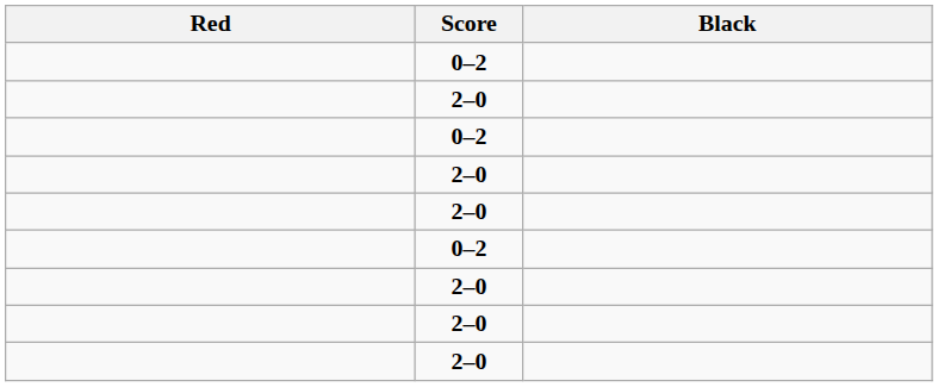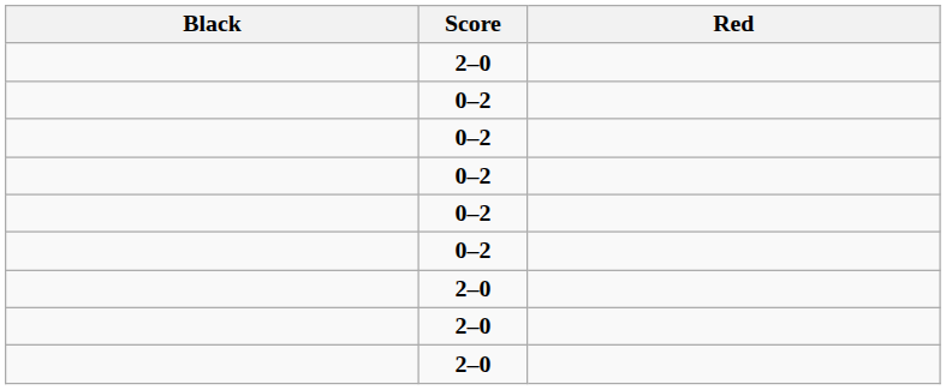 <table class="wikitable" style="text-align: center;">
 <tr>
+<th align="left" width="270">Black</th>
+<th width="65">Score</th>
 <th align="right" width="270">Red</th>
-<th width="65">Score</th>
-<th align="left" width="270">Black</th>
+</tr>
+<tr>
+<td align=left></td>
+<td align=center><strong>2–0</strong></td>
+<td align=left><strong></strong></td>
+</tr>
+<tr>
+<td align=left></td>
+<td align=center><strong>0–2</strong></td>
+<td align=left><strong></strong></td>
 </tr>
 <tr>
 <td align=left><strong></strong></td>
 <td align=center><strong>0–2</strong></td>
 <td align=left></td>
 </tr>
 <tr>
 <td align=left><strong></strong></td>
-<td align=center><strong>2–0</strong></td>
+<td align=center><strong>0–2</strong></td>
 <td align=left></td>
 </tr>
 <tr>
+<td align=left><strong></strong></td>
+<td align=center><strong>0–2</strong></td>
 <td align=left></td>
+</tr>
+<tr>
+<td align=left><strong></strong></td>
 <td align=center><strong>0–2</strong></td>
-<td align=left><strong></strong></td>
+<td align=left></td>
 </tr>
 <tr>
 <td align=left></td>
 <td align=center><strong>2–0</strong></td>
 <td align=left><strong></strong></td>
 </tr>
 <tr>
 <td align=left></td>
 <td align=center><strong>2–0</strong></td>
 <td align=left><strong></strong></td>
 </tr>
 <tr>
 <td align=left></td>
-<td align=center><strong>0–2</strong></td>
+<td align=center><strong>2–0</strong></td>
 <td align=left><strong></strong></td>
 </tr>
-<tr>
-<td align=left><strong></strong></td>
-<td align=center><strong>2–0</strong></td>
-<td align=left></td>
-</tr>
-<tr>
-<td align=left><strong></strong></td>
-<td align=center><strong>2–0</strong></td>
-<td align=left></td>
-</tr>
-<tr>
-<td align=left><strong></strong></td>
-<td align=center><strong>2–0</strong></td>
-<td align=left></td>
-</tr>
 </table>
